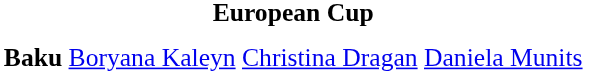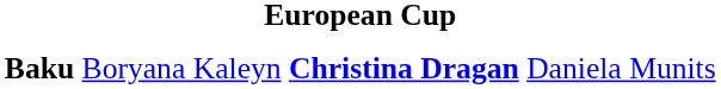 <table>
 <tr>
 <td colspan="4" style="text-align:center;"><strong>European Cup</strong></td>
 </tr>
 <tr>
 <th scope=row style="text-align:left">Baku</th>
 <td style="height:30px;"> <a href='#'>Boryana Kaleyn</a></td>
-<td style="height:30px;"> <a href='#'>Christina Dragan</a></td>
+<td style="height:30px;"><strong> <a href='#'>Christina Dragan</a></strong></td>
 <td style="height:30px;"> <a href='#'>Daniela Munits</a></td>
 </tr>
 <tr>
 </tr>
 </table>
